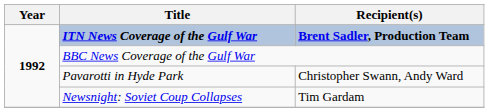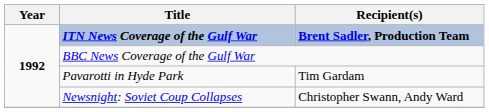 <table class="wikitable" width="95%">
 <tr>
 <th width=5%>Year</th>
 <th width=25%><strong>Title</strong></th>
 <th width=20%><strong>Recipient(s)</strong></th>
 </tr>
 <tr>
 <td rowspan="4" style="text-align:center;"><strong>1992</strong></td>
 <td style="background:#B0C4DE;"><strong><em><a href='#'>ITN News</a> Coverage of the <a href='#'>Gulf War</a></em></strong></td>
 <td style="background:#B0C4DE;"><strong><a href='#'>Brent Sadler</a>, Production Team</strong></td>
 </tr>
 <tr>
 <td colspan="2"><em><a href='#'>BBC News</a> Coverage of the <a href='#'>Gulf War</a></em></td>
 </tr>
 <tr>
 <td><em>Pavarotti in Hyde Park</em></td>
-<td>Christopher Swann, Andy Ward</td>
+<td>Tim Gardam</td>
 </tr>
 <tr>
 <td><em><a href='#'>Newsnight</a>: <a href='#'>Soviet Coup Collapses</a></em></td>
-<td>Tim Gardam</td>
+<td>Christopher Swann, Andy Ward</td>
 </tr>
 <tr>
 </tr>
 </table>
